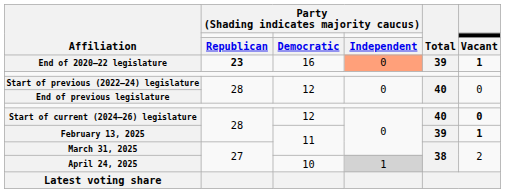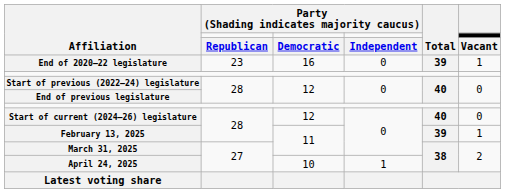 <table class=wikitable style="text-align:center">
 <tr style="vertical-align:bottom;">
 <th rowspan=3>Affiliation</th>
 <th colspan=3>Party <div>(Shading indicates majority caucus)</div></th>
 <th rowspan=3>Total</th>
 <th></th>
 </tr>
 <tr style="height:5px">
 <td style="background-color:"></td>
 <td style="background-color:"></td>
 <td style="background-color:"></td>
 <td style="background: black"></td>
 </tr>
 <tr>
 <th><a href='#'>Republican</a></th>
 <th><a href='#'>Democratic</a></th>
 <th><a href='#'>Independent</a></th>
 <th>Vacant</th>
 </tr>
 <tr>
 <th nowrap style="font-size:80%">End of 2020–22 legislature</th>
-<td><strong>23</strong></td>
+<td>23</td>
 <td>16</td>
-<td style="background: lightsalmon;">0</td>
+<td>0</td>
 <th>39</th>
-<td><strong>1</strong></td>
+<td>1</td>
 </tr>
 <tr>
 <td colspan=5></td>
 </tr>
 <tr>
 <th nowrap style="font-size:80%">Start of previous (2022–24) legislature</th>
 <td rowspan=2 >28</td>
 <td rowspan=2>12</td>
 <td rowspan=2>0</td>
 <th rowspan=2>40</th>
 <td rowspan=2>0</td>
 </tr>
 <tr>
 <th nowrap style="font-size:80%">End of previous legislature</th>
 </tr>
 <tr>
 <td colspan=5></td>
 </tr>
 <tr>
 <th nowrap style="font-size:80%">Start of current (2024–26) legislature</th>
 <td rowspan=2 >28</td>
 <td>12</td>
 <td rowspan=3>0</td>
 <th>40</th>
-<td><strong>0</strong></td>
+<td>0</td>
 </tr>
 <tr>
 <th nowrap style="font-size:80%">February 13, 2025</th>
 <td rowspan=2>11</td>
 <th>39</th>
-<td><strong>1</strong></td>
+<td>1</td>
 </tr>
 <tr>
 <th nowrap style="font-size:80%">March 31, 2025</th>
 <td rowspan=2 >27</td>
 <th rowspan=2>38</th>
 <td rowspan=2>2</td>
 </tr>
 <tr>
 <th nowrap style="font-size:80%">April 24, 2025</th>
 <td>10</td>
-<td style="background: lightgrey;">1</td>
+<td>1</td>
 </tr>
 <tr>
 <th>Latest voting share</th>
 <th></th>
 <th></th>
 <th></th>
 <th colspan=2></th>
 </tr>
 </table>
